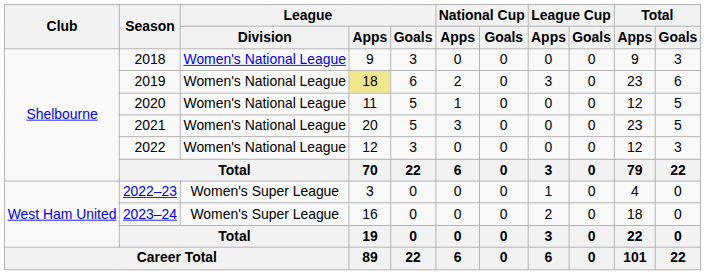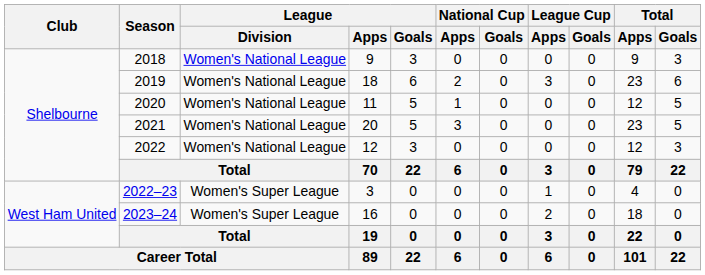 <table class="wikitable" style="text-align:center">
 <tr>
 <th rowspan="2">Club</th>
 <th rowspan="2">Season</th>
 <th colspan="3">League</th>
 <th colspan="2">National Cup</th>
 <th colspan="2">League Cup</th>
 <th colspan="2">Total</th>
 </tr>
 <tr>
 <th>Division</th>
 <th>Apps</th>
 <th>Goals</th>
 <th>Apps</th>
 <th>Goals</th>
 <th>Apps</th>
 <th>Goals</th>
 <th>Apps</th>
 <th>Goals</th>
 </tr>
 <tr>
 <td rowspan="6"><a href='#'>Shelbourne</a></td>
 <td>2018</td>
 <td><a href='#'>Women's National League</a></td>
 <td>9</td>
 <td>3</td>
 <td>0</td>
 <td>0</td>
 <td>0</td>
 <td>0</td>
 <td>9</td>
 <td>3</td>
 </tr>
 <tr>
 <td>2019</td>
 <td>Women's National League</td>
-<td style="background: khaki;">18</td>
+<td>18</td>
 <td>6</td>
 <td>2</td>
 <td>0</td>
 <td>3</td>
 <td>0</td>
 <td>23</td>
 <td>6</td>
 </tr>
 <tr>
 <td>2020</td>
 <td>Women's National League</td>
 <td>11</td>
 <td>5</td>
 <td>1</td>
 <td>0</td>
 <td>0</td>
 <td>0</td>
 <td>12</td>
 <td>5</td>
 </tr>
 <tr>
 <td>2021</td>
 <td>Women's National League</td>
 <td>20</td>
 <td>5</td>
 <td>3</td>
 <td>0</td>
 <td>0</td>
 <td>0</td>
 <td>23</td>
 <td>5</td>
 </tr>
 <tr>
 <td>2022</td>
 <td>Women's National League</td>
 <td>12</td>
 <td>3</td>
 <td>0</td>
 <td>0</td>
 <td>0</td>
 <td>0</td>
 <td>12</td>
 <td>3</td>
 </tr>
 <tr>
 <th colspan="2">Total</th>
 <th>70</th>
 <th>22</th>
 <th>6</th>
 <th>0</th>
 <th>3</th>
 <th>0</th>
 <th>79</th>
 <th>22</th>
 </tr>
 <tr>
 <td rowspan="3"><a href='#'>West Ham United</a></td>
 <td><a href='#'>2022–23</a></td>
 <td>Women's Super League</td>
 <td>3</td>
 <td>0</td>
 <td>0</td>
 <td>0</td>
 <td>1</td>
 <td>0</td>
 <td>4</td>
 <td>0</td>
 </tr>
 <tr>
 <td><a href='#'>2023–24</a></td>
 <td>Women's Super League</td>
 <td>16</td>
 <td>0</td>
 <td>0</td>
 <td>0</td>
 <td>2</td>
 <td>0</td>
 <td>18</td>
 <td>0</td>
 </tr>
 <tr>
 <th colspan="2">Total</th>
 <th>19</th>
 <th>0</th>
 <th>0</th>
 <th>0</th>
 <th>3</th>
 <th>0</th>
 <th>22</th>
 <th>0</th>
 </tr>
 <tr>
 <th colspan="3">Career Total</th>
 <th>89</th>
 <th>22</th>
 <th>6</th>
 <th>0</th>
 <th>6</th>
 <th>0</th>
 <th>101</th>
 <th>22</th>
 </tr>
 </table>
